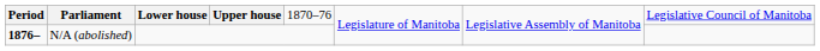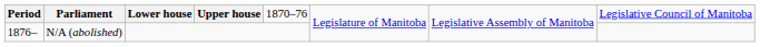 <table class="wikitable">
 <tr>
 <th>Period</th>
 <th>Parliament</th>
 <th>Lower house</th>
 <th>Upper house</th>
 <td>1870–76</td>
 <td rowspan="2"><a href='#'>Legislature of Manitoba</a></td>
 <td rowspan="2"><a href='#'>Legislative Assembly of Manitoba</a></td>
 <td><a href='#'>Legislative Council of Manitoba</a></td>
 </tr>
 <tr>
-<td><strong>1876–</strong></td>
+<td>1876–</td>
 <td>N/A (<em>abolished</em>)</td>
 </tr>
 </table>
